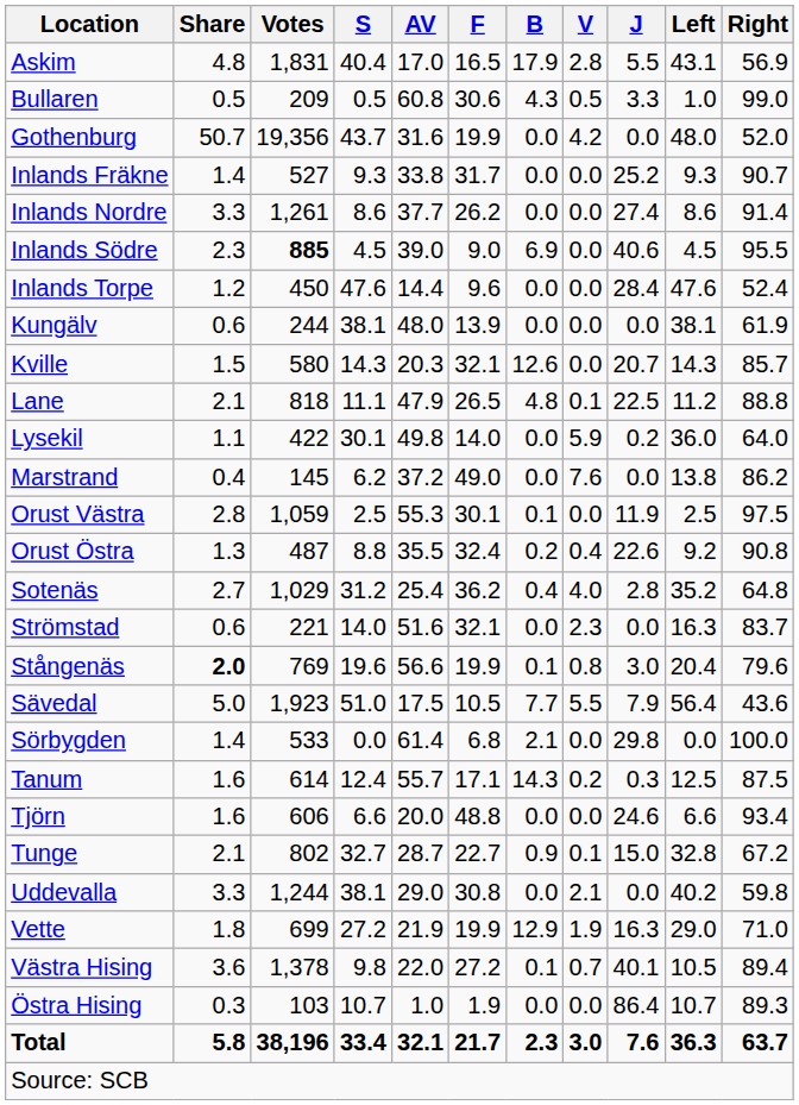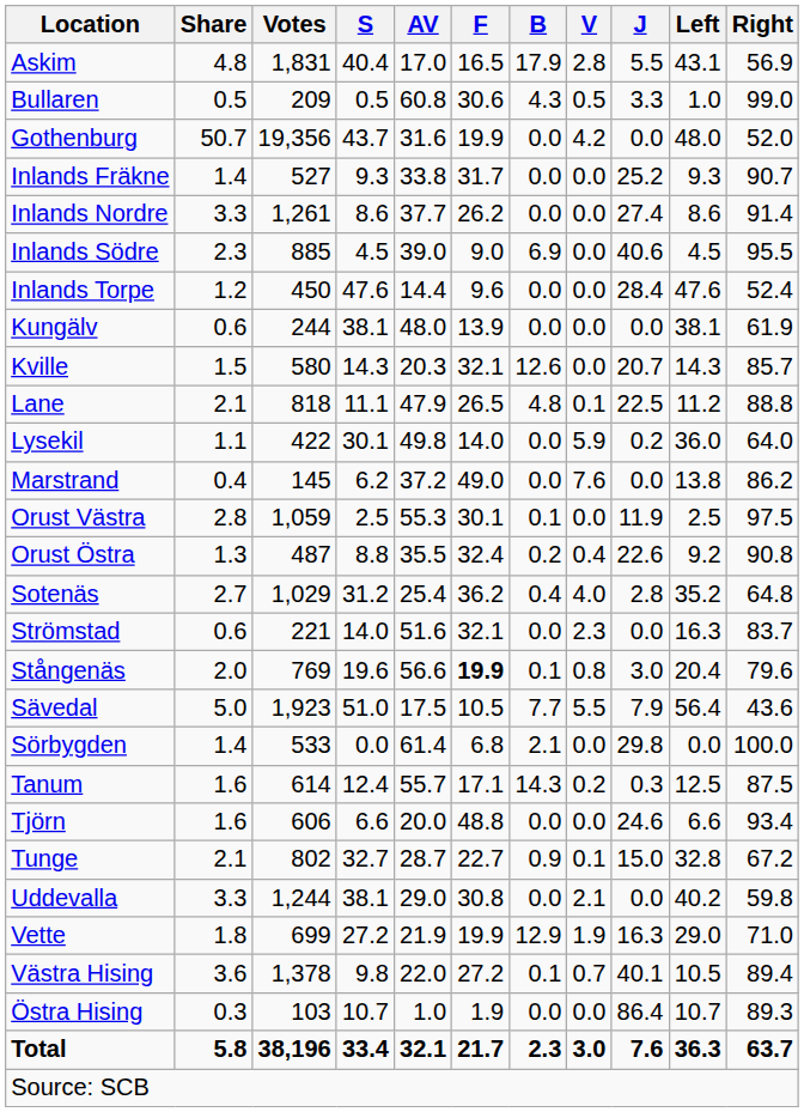 <table class="wikitable sortable" style=text-align:right>
 <tr>
 <th>Location</th>
 <th>Share</th>
 <th>Votes</th>
 <th><a href='#'>S</a></th>
 <th><a href='#'>AV</a></th>
 <th><a href='#'>F</a></th>
 <th><a href='#'>B</a></th>
 <th><a href='#'>V</a></th>
 <th><a href='#'>J</a></th>
 <th>Left</th>
 <th>Right</th>
 </tr>
 <tr>
 <td align=left><a href='#'>Askim</a></td>
 <td>4.8</td>
 <td>1,831</td>
 <td>40.4</td>
 <td>17.0</td>
 <td>16.5</td>
 <td>17.9</td>
 <td>2.8</td>
 <td>5.5</td>
 <td>43.1</td>
 <td>56.9</td>
 </tr>
 <tr>
 <td align=left><a href='#'>Bullaren</a></td>
 <td>0.5</td>
 <td>209</td>
 <td>0.5</td>
 <td>60.8</td>
 <td>30.6</td>
 <td>4.3</td>
 <td>0.5</td>
 <td>3.3</td>
 <td>1.0</td>
 <td>99.0</td>
 </tr>
 <tr>
 <td align=left><a href='#'>Gothenburg</a></td>
 <td>50.7</td>
 <td>19,356</td>
 <td>43.7</td>
 <td>31.6</td>
 <td>19.9</td>
 <td>0.0</td>
 <td>4.2</td>
 <td>0.0</td>
 <td>48.0</td>
 <td>52.0</td>
 </tr>
 <tr>
 <td align=left><a href='#'>Inlands Fräkne</a></td>
 <td>1.4</td>
 <td>527</td>
 <td>9.3</td>
 <td>33.8</td>
 <td>31.7</td>
 <td>0.0</td>
 <td>0.0</td>
 <td>25.2</td>
 <td>9.3</td>
 <td>90.7</td>
 </tr>
 <tr>
 <td align=left><a href='#'>Inlands Nordre</a></td>
 <td>3.3</td>
 <td>1,261</td>
 <td>8.6</td>
 <td>37.7</td>
 <td>26.2</td>
 <td>0.0</td>
 <td>0.0</td>
 <td>27.4</td>
 <td>8.6</td>
 <td>91.4</td>
 </tr>
 <tr>
 <td align=left><a href='#'>Inlands Södre</a></td>
 <td>2.3</td>
-<td><strong>885</strong></td>
+<td>885</td>
 <td>4.5</td>
 <td>39.0</td>
 <td>9.0</td>
 <td>6.9</td>
 <td>0.0</td>
 <td>40.6</td>
 <td>4.5</td>
 <td>95.5</td>
 </tr>
 <tr>
 <td align=left><a href='#'>Inlands Torpe</a></td>
 <td>1.2</td>
 <td>450</td>
 <td>47.6</td>
 <td>14.4</td>
 <td>9.6</td>
 <td>0.0</td>
 <td>0.0</td>
 <td>28.4</td>
 <td>47.6</td>
 <td>52.4</td>
 </tr>
 <tr>
 <td align=left><a href='#'>Kungälv</a></td>
 <td>0.6</td>
 <td>244</td>
 <td>38.1</td>
 <td>48.0</td>
 <td>13.9</td>
 <td>0.0</td>
 <td>0.0</td>
 <td>0.0</td>
 <td>38.1</td>
 <td>61.9</td>
 </tr>
 <tr>
 <td align=left><a href='#'>Kville</a></td>
 <td>1.5</td>
 <td>580</td>
 <td>14.3</td>
 <td>20.3</td>
 <td>32.1</td>
 <td>12.6</td>
 <td>0.0</td>
 <td>20.7</td>
 <td>14.3</td>
 <td>85.7</td>
 </tr>
 <tr>
 <td align=left><a href='#'>Lane</a></td>
 <td>2.1</td>
 <td>818</td>
 <td>11.1</td>
 <td>47.9</td>
 <td>26.5</td>
 <td>4.8</td>
 <td>0.1</td>
 <td>22.5</td>
 <td>11.2</td>
 <td>88.8</td>
 </tr>
 <tr>
 <td align=left><a href='#'>Lysekil</a></td>
 <td>1.1</td>
 <td>422</td>
 <td>30.1</td>
 <td>49.8</td>
 <td>14.0</td>
 <td>0.0</td>
 <td>5.9</td>
 <td>0.2</td>
 <td>36.0</td>
 <td>64.0</td>
 </tr>
 <tr>
 <td align=left><a href='#'>Marstrand</a></td>
 <td>0.4</td>
 <td>145</td>
 <td>6.2</td>
 <td>37.2</td>
 <td>49.0</td>
 <td>0.0</td>
 <td>7.6</td>
 <td>0.0</td>
 <td>13.8</td>
 <td>86.2</td>
 </tr>
 <tr>
 <td align=left><a href='#'>Orust Västra</a></td>
 <td>2.8</td>
 <td>1,059</td>
 <td>2.5</td>
 <td>55.3</td>
 <td>30.1</td>
 <td>0.1</td>
 <td>0.0</td>
 <td>11.9</td>
 <td>2.5</td>
 <td>97.5</td>
 </tr>
 <tr>
 <td align=left><a href='#'>Orust Östra</a></td>
 <td>1.3</td>
 <td>487</td>
 <td>8.8</td>
 <td>35.5</td>
 <td>32.4</td>
 <td>0.2</td>
 <td>0.4</td>
 <td>22.6</td>
 <td>9.2</td>
 <td>90.8</td>
 </tr>
 <tr>
 <td align=left><a href='#'>Sotenäs</a></td>
 <td>2.7</td>
 <td>1,029</td>
 <td>31.2</td>
 <td>25.4</td>
 <td>36.2</td>
 <td>0.4</td>
 <td>4.0</td>
 <td>2.8</td>
 <td>35.2</td>
 <td>64.8</td>
 </tr>
 <tr>
 <td align=left><a href='#'>Strömstad</a></td>
 <td>0.6</td>
 <td>221</td>
 <td>14.0</td>
 <td>51.6</td>
 <td>32.1</td>
 <td>0.0</td>
 <td>2.3</td>
 <td>0.0</td>
 <td>16.3</td>
 <td>83.7</td>
 </tr>
 <tr>
 <td align=left><a href='#'>Stångenäs</a></td>
-<td><strong>2.0</strong></td>
+<td>2.0</td>
 <td>769</td>
 <td>19.6</td>
 <td>56.6</td>
-<td>19.9</td>
+<td><strong>19.9</strong></td>
 <td>0.1</td>
 <td>0.8</td>
 <td>3.0</td>
 <td>20.4</td>
 <td>79.6</td>
 </tr>
 <tr>
 <td align=left><a href='#'>Sävedal</a></td>
 <td>5.0</td>
 <td>1,923</td>
 <td>51.0</td>
 <td>17.5</td>
 <td>10.5</td>
 <td>7.7</td>
 <td>5.5</td>
 <td>7.9</td>
 <td>56.4</td>
 <td>43.6</td>
 </tr>
 <tr>
 <td align=left><a href='#'>Sörbygden</a></td>
 <td>1.4</td>
 <td>533</td>
 <td>0.0</td>
 <td>61.4</td>
 <td>6.8</td>
 <td>2.1</td>
 <td>0.0</td>
 <td>29.8</td>
 <td>0.0</td>
 <td>100.0</td>
 </tr>
 <tr>
 <td align=left><a href='#'>Tanum</a></td>
 <td>1.6</td>
 <td>614</td>
 <td>12.4</td>
 <td>55.7</td>
 <td>17.1</td>
 <td>14.3</td>
 <td>0.2</td>
 <td>0.3</td>
 <td>12.5</td>
 <td>87.5</td>
 </tr>
 <tr>
 <td align=left><a href='#'>Tjörn</a></td>
 <td>1.6</td>
 <td>606</td>
 <td>6.6</td>
 <td>20.0</td>
 <td>48.8</td>
 <td>0.0</td>
 <td>0.0</td>
 <td>24.6</td>
 <td>6.6</td>
 <td>93.4</td>
 </tr>
 <tr>
 <td align=left><a href='#'>Tunge</a></td>
 <td>2.1</td>
 <td>802</td>
 <td>32.7</td>
 <td>28.7</td>
 <td>22.7</td>
 <td>0.9</td>
 <td>0.1</td>
 <td>15.0</td>
 <td>32.8</td>
 <td>67.2</td>
 </tr>
 <tr>
 <td align=left><a href='#'>Uddevalla</a></td>
 <td>3.3</td>
 <td>1,244</td>
 <td>38.1</td>
 <td>29.0</td>
 <td>30.8</td>
 <td>0.0</td>
 <td>2.1</td>
 <td>0.0</td>
 <td>40.2</td>
 <td>59.8</td>
 </tr>
 <tr>
 <td align=left><a href='#'>Vette</a></td>
 <td>1.8</td>
 <td>699</td>
 <td>27.2</td>
 <td>21.9</td>
 <td>19.9</td>
 <td>12.9</td>
 <td>1.9</td>
 <td>16.3</td>
 <td>29.0</td>
 <td>71.0</td>
 </tr>
 <tr>
 <td align=left><a href='#'>Västra Hising</a></td>
 <td>3.6</td>
 <td>1,378</td>
 <td>9.8</td>
 <td>22.0</td>
 <td>27.2</td>
 <td>0.1</td>
 <td>0.7</td>
 <td>40.1</td>
 <td>10.5</td>
 <td>89.4</td>
 </tr>
 <tr>
 <td align=left><a href='#'>Östra Hising</a></td>
 <td>0.3</td>
 <td>103</td>
 <td>10.7</td>
 <td>1.0</td>
 <td>1.9</td>
 <td>0.0</td>
 <td>0.0</td>
 <td>86.4</td>
 <td>10.7</td>
 <td>89.3</td>
 </tr>
 <tr>
 <td align=left><strong>Total</strong></td>
 <td><strong>5.8</strong></td>
 <td><strong>38,196</strong></td>
 <td><strong>33.4</strong></td>
 <td><strong>32.1</strong></td>
 <td><strong>21.7</strong></td>
 <td><strong>2.3</strong></td>
 <td><strong>3.0</strong></td>
 <td><strong>7.6</strong></td>
 <td><strong>36.3</strong></td>
 <td><strong>63.7</strong></td>
 </tr>
 <tr>
 <td align=left colspan=11>Source: SCB </td>
 </tr>
 </table>
